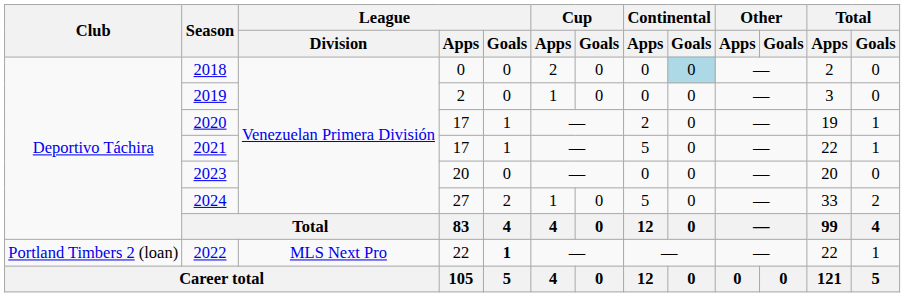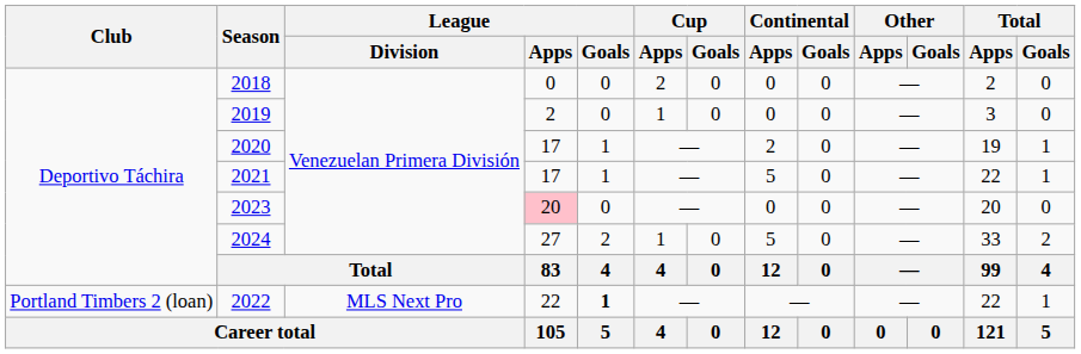 <table class="wikitable" style="text-align: center">
 <tr>
 <th rowspan="2">Club</th>
 <th rowspan="2">Season</th>
 <th colspan="3">League</th>
 <th colspan="2">Cup</th>
 <th colspan="2">Continental</th>
 <th colspan="2">Other</th>
 <th colspan="2">Total</th>
 </tr>
 <tr>
 <th>Division</th>
 <th>Apps</th>
 <th>Goals</th>
 <th>Apps</th>
 <th>Goals</th>
 <th>Apps</th>
 <th>Goals</th>
 <th>Apps</th>
 <th>Goals</th>
 <th>Apps</th>
 <th>Goals</th>
 </tr>
 <tr>
 <td rowspan="7"><a href='#'>Deportivo Táchira</a></td>
 <td><a href='#'>2018</a></td>
 <td rowspan="6"><a href='#'>Venezuelan Primera División</a></td>
 <td>0</td>
 <td>0</td>
 <td>2</td>
 <td>0</td>
 <td>0</td>
-<td style="background: lightblue;">0</td>
+<td>0</td>
 <td colspan="2">—</td>
 <td>2</td>
 <td>0</td>
 </tr>
 <tr>
 <td><a href='#'>2019</a></td>
 <td>2</td>
 <td>0</td>
 <td>1</td>
 <td>0</td>
 <td>0</td>
 <td>0</td>
 <td colspan="2">—</td>
 <td>3</td>
 <td>0</td>
 </tr>
 <tr>
 <td><a href='#'>2020</a></td>
 <td>17</td>
 <td>1</td>
 <td colspan="2">—</td>
 <td>2</td>
 <td>0</td>
 <td colspan="2">—</td>
 <td>19</td>
 <td>1</td>
 </tr>
 <tr>
 <td><a href='#'>2021</a></td>
 <td>17</td>
 <td>1</td>
 <td colspan="2">—</td>
 <td>5</td>
 <td>0</td>
 <td colspan="2">—</td>
 <td>22</td>
 <td>1</td>
 </tr>
 <tr>
 <td><a href='#'>2023</a></td>
-<td>20</td>
+<td style="background: pink;">20</td>
 <td>0</td>
 <td colspan="2">—</td>
 <td>0</td>
 <td>0</td>
 <td colspan="2">—</td>
 <td>20</td>
 <td>0</td>
 </tr>
 <tr>
 <td><a href='#'>2024</a></td>
 <td>27</td>
 <td>2</td>
 <td>1</td>
 <td>0</td>
 <td>5</td>
 <td>0</td>
 <td colspan="2">—</td>
 <td>33</td>
 <td>2</td>
 </tr>
 <tr>
 <th colspan="2">Total</th>
 <th>83</th>
 <th>4</th>
 <th>4</th>
 <th>0</th>
 <th>12</th>
 <th>0</th>
 <th colspan="2">—</th>
 <th>99</th>
 <th>4</th>
 </tr>
 <tr>
 <td><a href='#'>Portland Timbers 2</a> (loan)</td>
 <td><a href='#'>2022</a></td>
 <td><a href='#'>MLS Next Pro</a></td>
 <td>22</td>
 <td><strong>1</strong></td>
 <td colspan="2">—</td>
 <td colspan="2">—</td>
 <td colspan="2">—</td>
 <td>22</td>
 <td>1</td>
 </tr>
 <tr>
 <th colspan="3"><strong>Career total</strong></th>
 <th>105</th>
 <th>5</th>
 <th>4</th>
 <th>0</th>
 <th>12</th>
 <th>0</th>
 <th>0</th>
 <th>0</th>
 <th>121</th>
 <th>5</th>
 </tr>
 </table>
